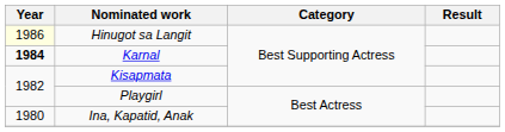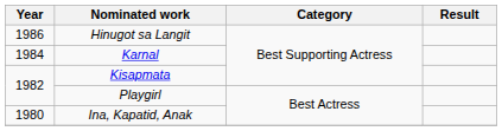 <table class="wikitable sortable" style="width:70%; text-align:center;">
 <tr>
 <th scope="col" style="width:10%;">Year</th>
 <th scope="col" style="width:35%;">Nominated work</th>
 <th scope="col" style="width:40%;">Category</th>
 <th scope="col" style="width:15%;">Result</th>
 </tr>
 <tr>
-<td style="background: lightyellow;">1986</td>
+<td>1986</td>
 <td><em>Hinugot sa Langit</em></td>
 <td rowspan=3 align="center">Best Supporting Actress</td>
 <td></td>
 </tr>
 <tr>
-<td><strong>1984</strong></td>
+<td>1984</td>
 <td><em><a href='#'>Karnal</a></em></td>
 <td></td>
 </tr>
 <tr>
 <td rowspan=2 align="center">1982</td>
 <td><em><a href='#'>Kisapmata</a></em></td>
 <td></td>
 </tr>
 <tr>
 <td><em>Playgirl</em></td>
 <td rowspan=2 align="center">Best Actress</td>
 <td></td>
 </tr>
 <tr>
 <td>1980</td>
 <td><em>Ina, Kapatid, Anak</em></td>
 <td></td>
 </tr>
 <tr>
 </tr>
 </table>
